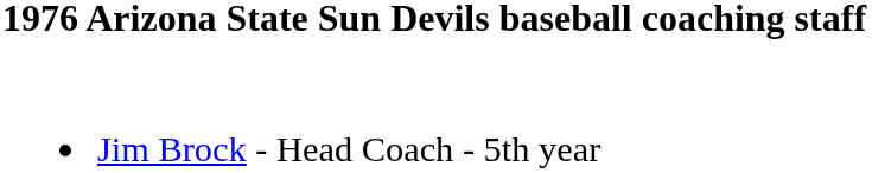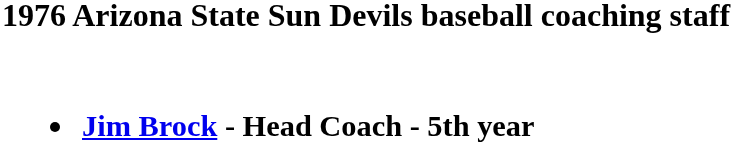 <table class="toccolours">
 <tr>
 <th colspan=9>1976 Arizona State Sun Devils baseball coaching staff</th>
 </tr>
 <tr>
-<td style="text-align: left; font-size: 95%;" valign="top"><br><ul><li><a href='#'>Jim Brock</a> - Head Coach - 5th year</li></ul></td>
+<td style="text-align: left; font-size: 95%;" valign="top"><strong><br><ul><li><a href='#'>Jim Brock</a> - Head Coach - 5th year</li></ul></strong></td>
 </tr>
 </table>
